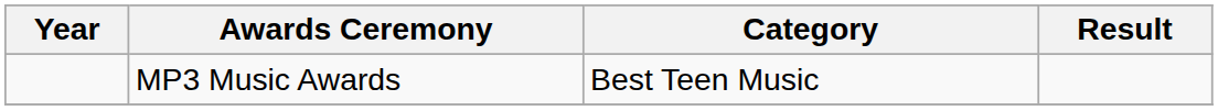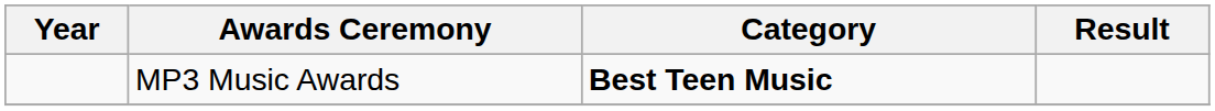 <table class="wikitable plainrowheaders" style="width:70%;">
 <tr>
 <th scope="col" style="width:4%;">Year</th>
 <th scope="col" style="width:20%;">Awards Ceremony</th>
 <th scope="col" style="width:20%;">Category</th>
 <th scope="col" style="width:6%;">Result</th>
 </tr>
 <tr>
 <td></td>
 <td>MP3 Music Awards</td>
-<td>Best Teen Music</td>
+<td><strong>Best Teen Music</strong></td>
 <td></td>
 </tr>
 <tr>
 </tr>
 </table>
